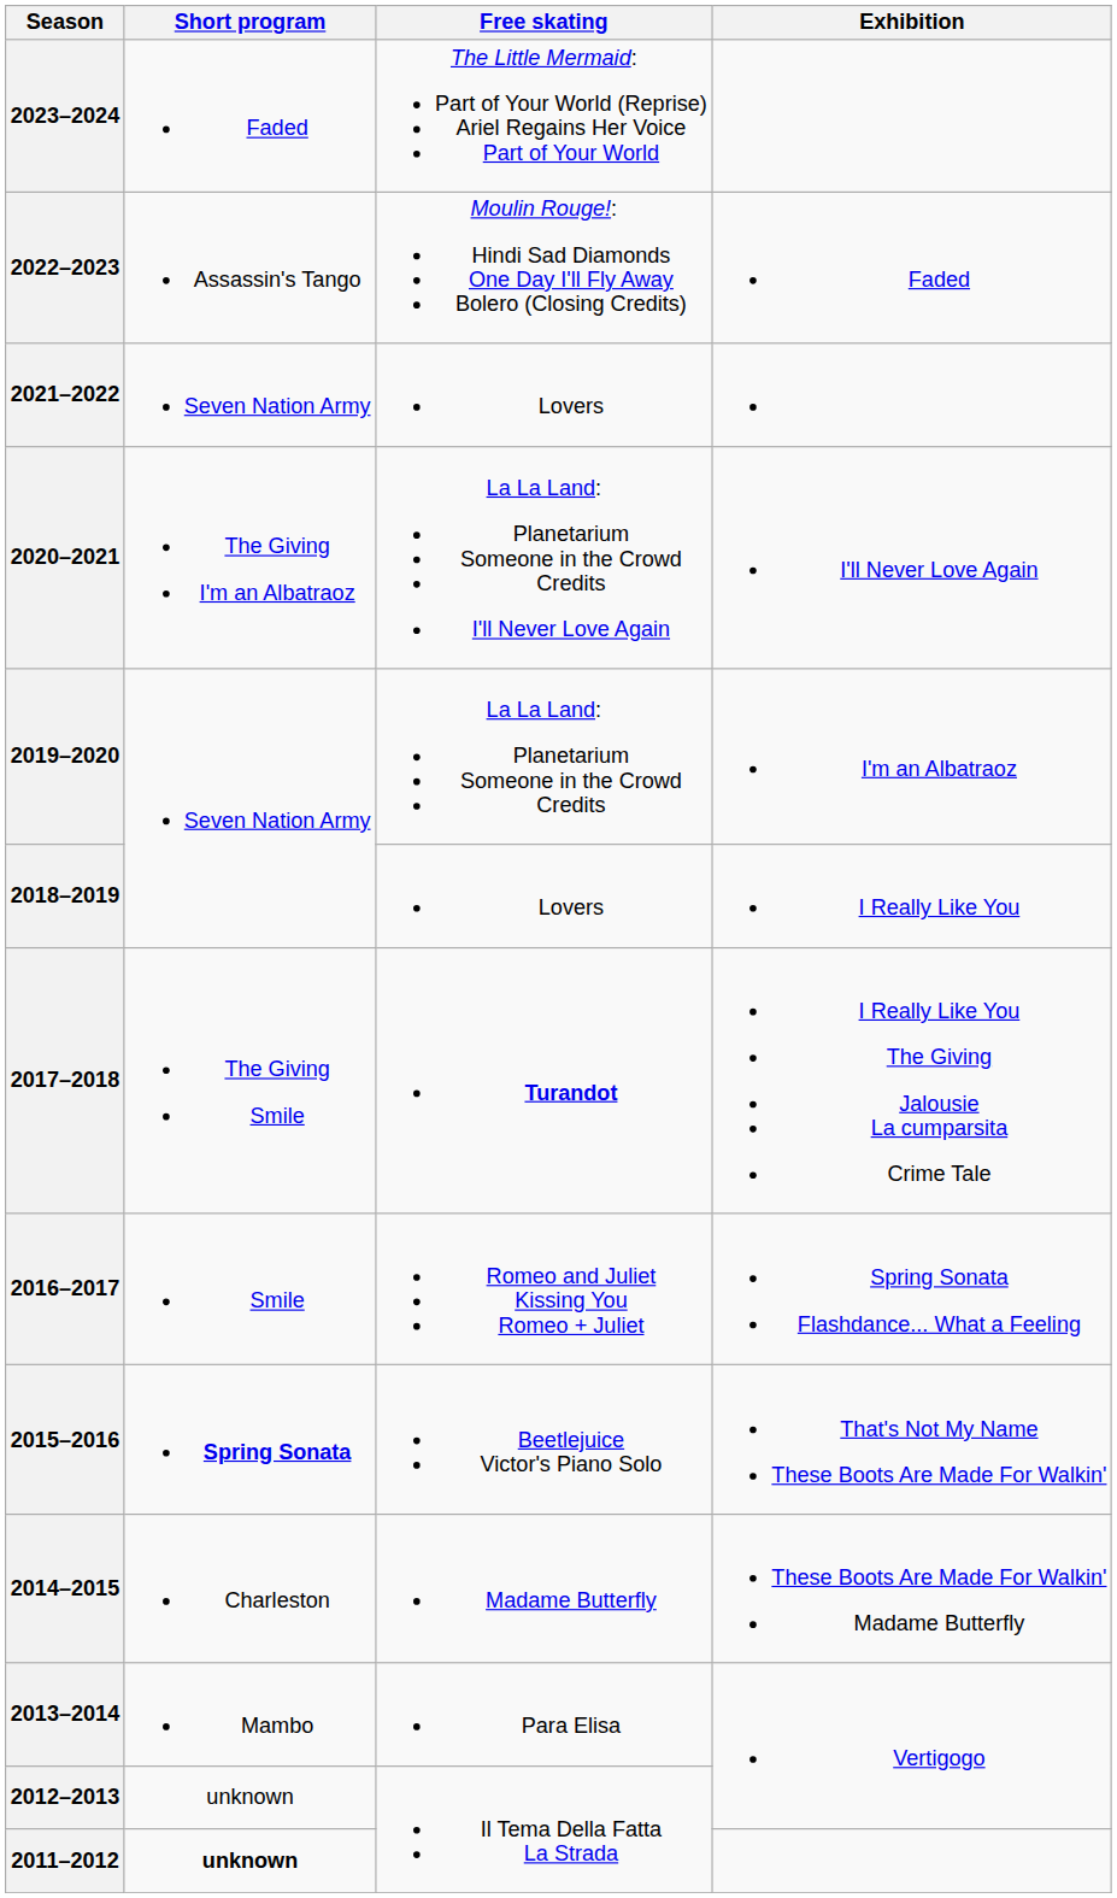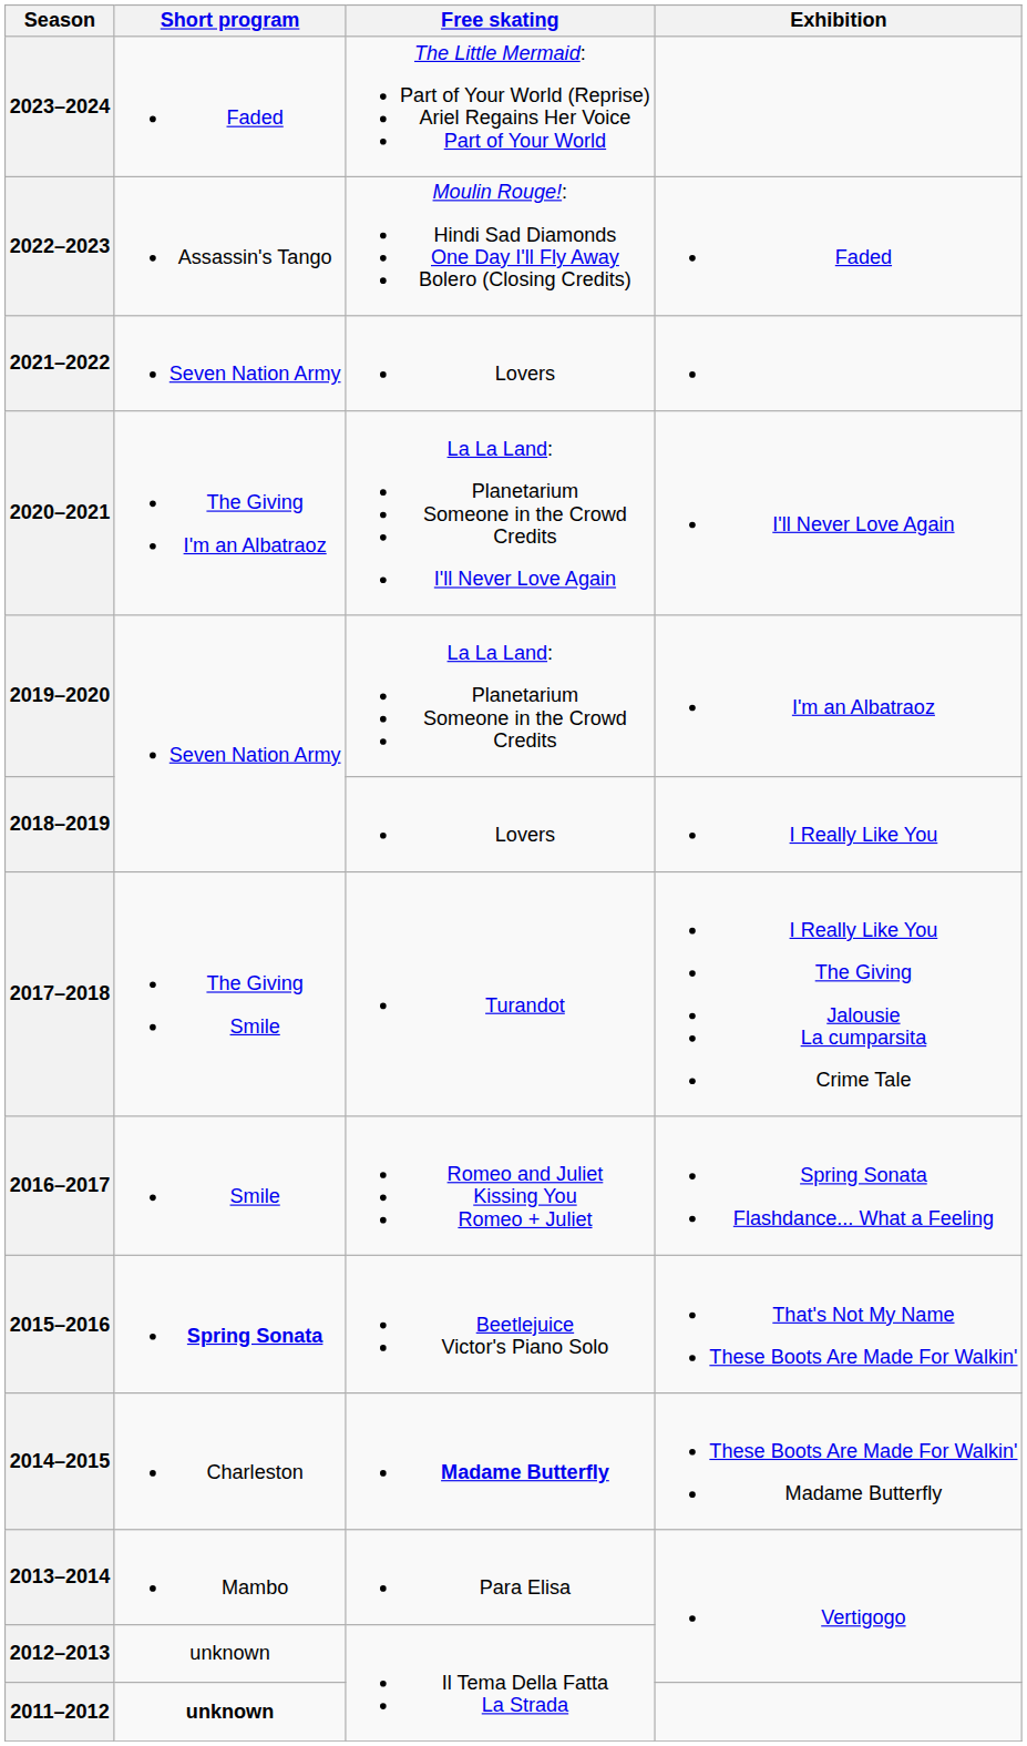 <table class=wikitable style=text-align:center>
 <tr>
 <th>Season</th>
 <th><a href='#'>Short program</a></th>
 <th><a href='#'>Free skating</a></th>
 <th>Exhibition</th>
 </tr>
 <tr>
 <th>2023–2024 <br></th>
 <td><br><ul><li><a href='#'>Faded</a> <br></li></ul></td>
 <td><em><a href='#'>The Little Mermaid</a></em>:<br><ul><li>Part of Your World (Reprise) <br> </li><li>Ariel Regains Her Voice </li><li><a href='#'>Part of Your World</a> <br> </li></ul></td>
 <td></td>
 </tr>
 <tr>
 <th>2022–2023 <br> </th>
 <td><br><ul><li>Assassin's Tango<br></li></ul></td>
 <td><em><a href='#'>Moulin Rouge!</a></em>:<br><ul><li>Hindi Sad Diamonds</li><li><a href='#'>One Day I'll Fly Away</a> <br></li><li>Bolero (Closing Credits) <br></li></ul></td>
 <td><br><ul><li><a href='#'>Faded</a> <br></li></ul></td>
 </tr>
 <tr>
 <th>2021–2022 <br> </th>
 <td><br><ul><li><a href='#'>Seven Nation Army</a> <br></li></ul></td>
 <td><br><ul><li>Lovers <br></li></ul></td>
 <td><br><ul><li></li></ul></td>
 </tr>
 <tr>
 <th>2020–2021<br></th>
 <td><br><ul><li><a href='#'>The Giving</a> <br></li></ul><ul><li><a href='#'>I'm an Albatraoz</a><br></li></ul></td>
 <td><br><a href='#'>La La Land</a>:<ul><li>Planetarium <br></li><li>Someone in the Crowd<br></li><li>Credits <br> </li></ul><ul><li><a href='#'>I'll Never Love Again</a><br></li></ul></td>
 <td><br><ul><li><a href='#'>I'll Never Love Again</a><br></li></ul></td>
 </tr>
 <tr>
 <th>2019–2020 <br> </th>
 <td rowspan=2><br><ul><li><a href='#'>Seven Nation Army</a><br></li></ul></td>
 <td><br><a href='#'>La La Land</a>:<ul><li>Planetarium <br></li><li>Someone in the Crowd<br></li><li>Credits <br></li></ul></td>
 <td><br><ul><li><a href='#'>I'm an Albatraoz</a><br></li></ul></td>
 </tr>
 <tr>
 <th>2018–2019<br></th>
 <td><br><ul><li>Lovers <br></li></ul></td>
 <td><br><ul><li><a href='#'>I Really Like You</a> <br></li></ul></td>
 </tr>
 <tr>
 <th>2017–2018 <br></th>
 <td><br><ul><li><a href='#'>The Giving</a> <br></li></ul><ul><li><a href='#'>Smile</a> <br></li></ul></td>
-<td><strong><br><ul><li><a href='#'>Turandot</a> <br></li></ul></strong></td>
+<td><br><ul><li><a href='#'>Turandot</a> <br></li></ul></td>
 <td><br><ul><li><a href='#'>I Really Like You</a> <br></li></ul><ul><li><a href='#'>The Giving</a> <br></li></ul><ul><li><a href='#'>Jalousie</a> <br></li><li><a href='#'>La cumparsita</a> <br></li></ul><ul><li>Crime Tale <br></li></ul></td>
 </tr>
 <tr>
 <th>2016–2017 <br> </th>
 <td><br><ul><li><a href='#'>Smile</a> <br></li></ul></td>
 <td><br><ul><li><a href='#'>Romeo and Juliet</a> <br></li><li><a href='#'>Kissing You</a> <br></li><li><a href='#'>Romeo + Juliet</a> <br> </li></ul></td>
 <td><br><ul><li><a href='#'>Spring Sonata</a> <br></li></ul><ul><li><a href='#'>Flashdance... What a Feeling</a> <br></li></ul></td>
 </tr>
 <tr>
 <th>2015–2016 <br> </th>
 <td><strong><br><ul><li><a href='#'>Spring Sonata</a> <br></li></ul></strong></td>
 <td><br><ul><li><a href='#'>Beetlejuice</a> <br></li><li>Victor's Piano Solo <br></li></ul></td>
 <td><br><ul><li><a href='#'>That's Not My Name</a> <br></li></ul><ul><li><a href='#'>These Boots Are Made For Walkin'</a> <br></li></ul></td>
 </tr>
 <tr>
 <th>2014–2015</th>
 <td><br><ul><li>Charleston <br></li></ul></td>
-<td><br><ul><li><a href='#'>Madame Butterfly</a> <br></li></ul></td>
+<td><strong><br><ul><li><a href='#'>Madame Butterfly</a> <br></li></ul></strong></td>
 <td><br><ul><li><a href='#'>These Boots Are Made For Walkin'</a> <br></li></ul><ul><li>Madame Butterfly <br> </li></ul></td>
 </tr>
 <tr>
 <th>2013–2014</th>
 <td><br><ul><li>Mambo</li></ul></td>
 <td><br><ul><li>Para Elisa <br></li></ul></td>
 <td rowspan=2><br><ul><li><a href='#'>Vertigogo</a> <br></li></ul></td>
 </tr>
 <tr>
 <th>2012–2013</th>
 <td align="center">unknown</td>
 <td rowspan=2><br><ul><li>Il Tema Della Fatta <br></li><li><a href='#'>La Strada</a> <br></li></ul></td>
 </tr>
 <tr>
 <th>2011–2012</th>
 <td align="center"><strong>unknown</strong></td>
 <td></td>
 </tr>
 </table>
